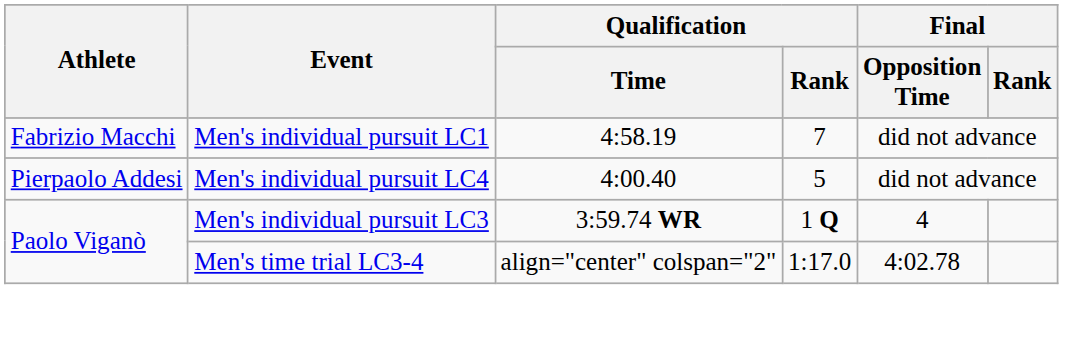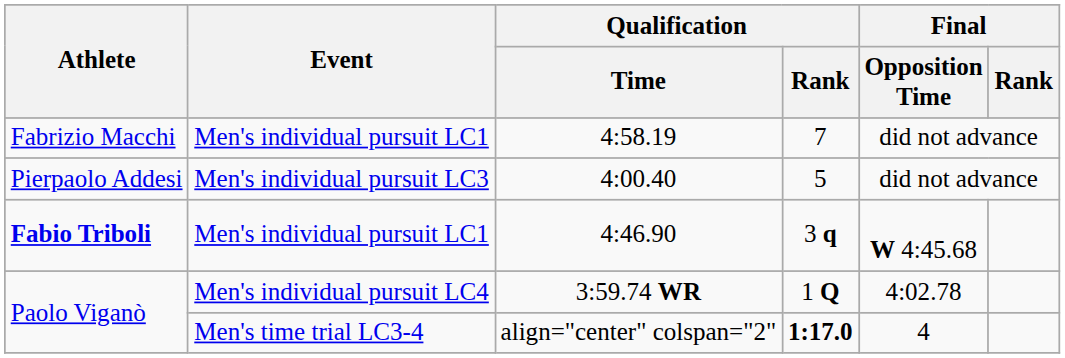 <table class=wikitable style="font-size:90%">
 <tr>
 <th rowspan="2">Athlete</th>
 <th rowspan="2">Event</th>
 <th colspan="2">Qualification</th>
 <th colspan="2">Final</th>
 </tr>
 <tr>
 <th>Time</th>
 <th>Rank</th>
 <th>Opposition<br>Time</th>
 <th>Rank</th>
 </tr>
 <tr>
 <td><a href='#'>Fabrizio Macchi</a></td>
 <td><a href='#'>Men's individual pursuit LC1</a></td>
 <td align="center">4:58.19</td>
 <td align="center">7</td>
 <td align="center" colspan="2">did not advance</td>
 </tr>
 <tr>
 <td><a href='#'>Pierpaolo Addesi</a></td>
-<td><a href='#'>Men's individual pursuit LC4</a></td>
+<td><a href='#'>Men's individual pursuit LC3</a></td>
 <td align="center">4:00.40</td>
 <td align="center">5</td>
 <td align="center" colspan="2">did not advance</td>
 </tr>
 <tr>
+<td><strong><a href='#'>Fabio Triboli</a></strong></td>
+<td><a href='#'>Men's individual pursuit LC1</a></td>
+<td align="center">4:46.90</td>
+<td align="center">3 <strong>q</strong></td>
+<td align="center"><br> <strong>W</strong> 4:45.68</td>
+<td align="center"></td>
+</tr>
+<tr>
 <td rowspan="2"><a href='#'>Paolo Viganò</a></td>
-<td><a href='#'>Men's individual pursuit LC3</a></td>
+<td><a href='#'>Men's individual pursuit LC4</a></td>
 <td align="center">3:59.74 <strong>WR</strong></td>
 <td align="center">1 <strong>Q</strong></td>
-<td align="center">4</td>
+<td align="center">4:02.78</td>
 <td align="center"></td>
 </tr>
 <tr>
 <td><a href='#'>Men's time trial LC3-4</a></td>
 <td>align="center" colspan="2" </td>
-<td align="center">1:17.0</td>
-<td align="center">4:02.78</td>
+<td align="center"><strong>1:17.0</strong></td>
+<td align="center">4</td>
 </tr>
 </table>
